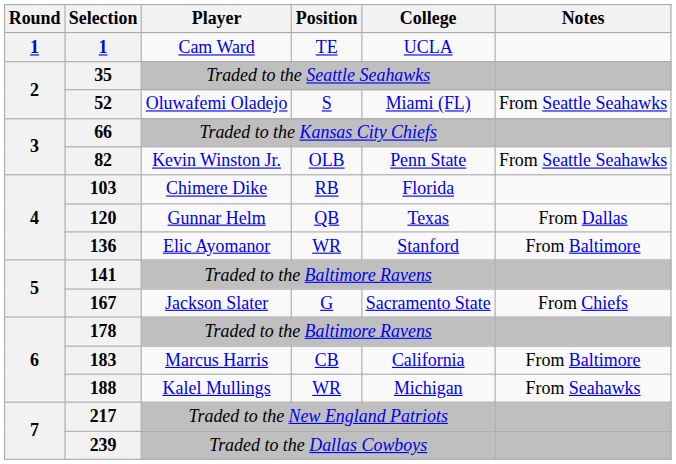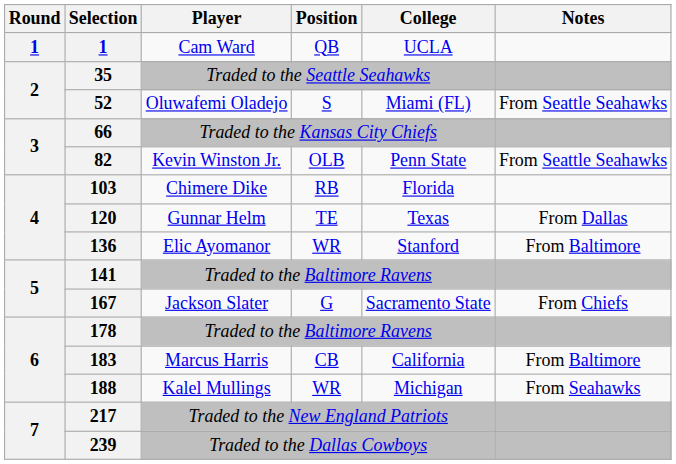 <table class="wikitable" style="text-align:center">
 <tr>
 <th>Round</th>
 <th>Selection</th>
 <th>Player</th>
 <th>Position</th>
 <th>College</th>
 <th>Notes</th>
 </tr>
 <tr>
 <th><a href='#'>1</a></th>
 <th><a href='#'>1</a></th>
 <td><a href='#'>Cam Ward</a></td>
-<td><a href='#'>TE</a></td>
+<td><a href='#'>QB</a></td>
 <td><a href='#'>UCLA</a></td>
 <td></td>
 </tr>
 <tr>
 <th rowspan="2">2</th>
 <th>35</th>
 <td colspan="3" style="background:#BFBFBF"><em>Traded to the <a href='#'>Seattle Seahawks</a></em></td>
 <td style="background:#BFBFBF"></td>
 </tr>
 <tr>
 <th>52</th>
 <td><a href='#'>Oluwafemi Oladejo</a></td>
 <td><a href='#'>S</a></td>
 <td><a href='#'>Miami (FL)</a></td>
 <td>From <a href='#'>Seattle Seahawks</a></td>
 </tr>
 <tr>
 <th rowspan="2">3</th>
 <th>66</th>
 <td colspan="3" style="background:#BFBFBF"><em>Traded to the <a href='#'>Kansas City Chiefs</a></em></td>
 <td style="background:#BFBFBF"></td>
 </tr>
 <tr>
 <th>82</th>
 <td><a href='#'>Kevin Winston Jr.</a></td>
 <td><a href='#'>OLB</a></td>
 <td><a href='#'>Penn State</a></td>
 <td>From <a href='#'>Seattle Seahawks</a></td>
 </tr>
 <tr>
 <th rowspan="3">4</th>
 <th>103</th>
 <td><a href='#'>Chimere Dike</a></td>
 <td><a href='#'>RB</a></td>
 <td><a href='#'>Florida</a></td>
 <td></td>
 </tr>
 <tr>
 <th>120</th>
 <td><a href='#'>Gunnar Helm</a></td>
-<td><a href='#'>QB</a></td>
+<td><a href='#'>TE</a></td>
 <td><a href='#'>Texas</a></td>
 <td>From <a href='#'>Dallas</a></td>
 </tr>
 <tr>
 <th>136</th>
 <td><a href='#'>Elic Ayomanor</a></td>
 <td><a href='#'>WR</a></td>
 <td><a href='#'>Stanford</a></td>
 <td>From <a href='#'>Baltimore</a></td>
 </tr>
 <tr>
 <th rowspan="2">5</th>
 <th>141</th>
 <td colspan="3" style="background:#BFBFBF"><em>Traded to the <a href='#'>Baltimore Ravens</a></em></td>
 <td style="background:#BFBFBF"></td>
 </tr>
 <tr>
 <th>167</th>
 <td><a href='#'>Jackson Slater</a></td>
 <td><a href='#'>G</a></td>
 <td><a href='#'>Sacramento State</a></td>
 <td>From <a href='#'>Chiefs</a></td>
 </tr>
 <tr>
 <th rowspan="3">6</th>
 <th>178</th>
 <td colspan="3" style="background:#BFBFBF"><em>Traded to the <a href='#'>Baltimore Ravens</a></em></td>
 <td style="background:#BFBFBF"></td>
 </tr>
 <tr>
 <th>183</th>
 <td><a href='#'>Marcus Harris</a></td>
 <td><a href='#'>CB</a></td>
 <td><a href='#'>California</a></td>
 <td>From <a href='#'>Baltimore</a></td>
 </tr>
 <tr>
 <th>188</th>
 <td><a href='#'>Kalel Mullings</a></td>
 <td><a href='#'>WR</a></td>
 <td><a href='#'>Michigan</a></td>
 <td>From <a href='#'>Seahawks</a></td>
 </tr>
 <tr>
 <th rowspan="2">7</th>
 <th>217</th>
 <td colspan="3" style="background:#BFBFBF"><em>Traded to the <a href='#'>New England Patriots</a></em></td>
 <td style="background:#BFBFBF"></td>
 </tr>
 <tr>
 <th>239</th>
 <td colspan="3" style="background:#BFBFBF"><em>Traded to the <a href='#'>Dallas Cowboys</a></em></td>
 <td style="background:#BFBFBF"></td>
 </tr>
 </table>
